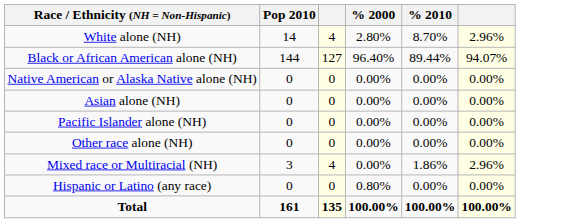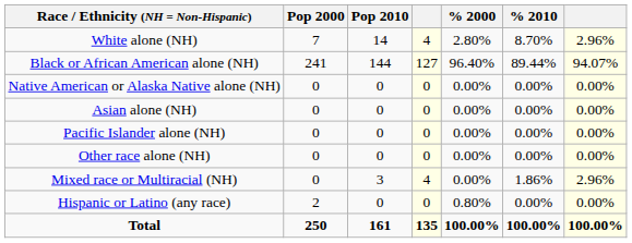 <table class="wikitable" style="text-align:center;">
 <tr>
 <th>Race / Ethnicity <small>(<em>NH = Non-Hispanic</em>)</small></th>
+<th>Pop 2000</th>
 <th>Pop 2010</th>
 <th></th>
 <th>% 2000</th>
 <th>% 2010</th>
 <th></th>
 </tr>
 <tr>
 <td><a href='#'>White</a> alone (NH)</td>
+<td>7</td>
 <td>14</td>
 <td style='background: #ffffe6;'>4</td>
 <td>2.80%</td>
 <td>8.70%</td>
 <td style='background: #ffffe6;'>2.96%</td>
 </tr>
 <tr>
 <td><a href='#'>Black or African American</a> alone (NH)</td>
+<td>241</td>
 <td>144</td>
 <td style='background: #ffffe6;'>127</td>
 <td>96.40%</td>
 <td>89.44%</td>
 <td style='background: #ffffe6;'>94.07%</td>
 </tr>
 <tr>
 <td><a href='#'>Native American</a> or <a href='#'>Alaska Native</a> alone (NH)</td>
 <td>0</td>
+<td>0</td>
 <td style='background: #ffffe6;'>0</td>
 <td>0.00%</td>
 <td>0.00%</td>
 <td style='background: #ffffe6;'>0.00%</td>
 </tr>
 <tr>
 <td><a href='#'>Asian</a> alone (NH)</td>
+<td>0</td>
 <td>0</td>
 <td style='background: #ffffe6;'>0</td>
 <td>0.00%</td>
 <td>0.00%</td>
 <td style='background: #ffffe6;'>0.00%</td>
 </tr>
 <tr>
 <td><a href='#'>Pacific Islander</a> alone (NH)</td>
 <td>0</td>
+<td>0</td>
 <td style='background: #ffffe6;'>0</td>
 <td>0.00%</td>
 <td>0.00%</td>
 <td style='background: #ffffe6;'>0.00%</td>
 </tr>
 <tr>
 <td><a href='#'>Other race</a> alone (NH)</td>
 <td>0</td>
+<td>0</td>
 <td style='background: #ffffe6;'>0</td>
 <td>0.00%</td>
 <td>0.00%</td>
 <td style='background: #ffffe6;'>0.00%</td>
 </tr>
 <tr>
 <td><a href='#'>Mixed race or Multiracial</a> (NH)</td>
+<td>0</td>
 <td>3</td>
 <td style='background: #ffffe6;'>4</td>
 <td>0.00%</td>
 <td>1.86%</td>
 <td style='background: #ffffe6;'>2.96%</td>
 </tr>
 <tr>
 <td><a href='#'>Hispanic or Latino</a> (any race)</td>
+<td>2</td>
 <td>0</td>
 <td style='background: #ffffe6;'>0</td>
 <td>0.80%</td>
 <td>0.00%</td>
 <td style='background: #ffffe6;'>0.00%</td>
 </tr>
 <tr>
 <td><strong>Total</strong></td>
+<td><strong>250</strong></td>
 <td><strong>161</strong></td>
 <td style='background: #ffffe6;'><strong>135</strong></td>
 <td><strong>100.00%</strong></td>
 <td><strong>100.00%</strong></td>
 <td style='background: #ffffe6;'><strong>100.00%</strong></td>
 </tr>
 </table>
